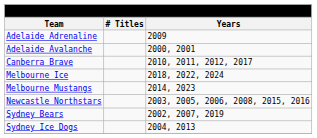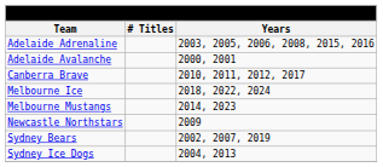 <table class="wikitable sortable" style="font-size:100%">
 <tr>
 <th style="background:#000000;" colspan="7"><span>All-time Championships</span></th>
 </tr>
 <tr>
 <th>Team</th>
 <th># Titles</th>
 <th>Years</th>
 </tr>
 <tr>
 <td><a href='#'>Adelaide Adrenaline</a></td>
 <td></td>
-<td>2009</td>
+<td>2003, 2005, 2006, 2008, 2015, 2016</td>
 </tr>
 <tr>
 <td><a href='#'>Adelaide Avalanche</a></td>
 <td></td>
 <td>2000, 2001</td>
 </tr>
 <tr>
 <td><a href='#'>Canberra Brave</a></td>
 <td></td>
 <td>2010, 2011, 2012, 2017</td>
 </tr>
 <tr>
 <td><a href='#'>Melbourne Ice</a></td>
 <td></td>
 <td>2018, 2022, 2024</td>
 </tr>
 <tr>
 <td><a href='#'>Melbourne Mustangs</a></td>
 <td></td>
 <td>2014, 2023</td>
 </tr>
 <tr>
 <td><a href='#'>Newcastle Northstars</a></td>
 <td></td>
-<td>2003, 2005, 2006, 2008, 2015, 2016</td>
+<td>2009</td>
 </tr>
 <tr>
 <td><a href='#'>Sydney Bears</a></td>
 <td></td>
 <td>2002, 2007, 2019</td>
 </tr>
 <tr>
 <td><a href='#'>Sydney Ice Dogs</a></td>
 <td></td>
 <td>2004, 2013</td>
 </tr>
 <tr>
 </tr>
 </table>
